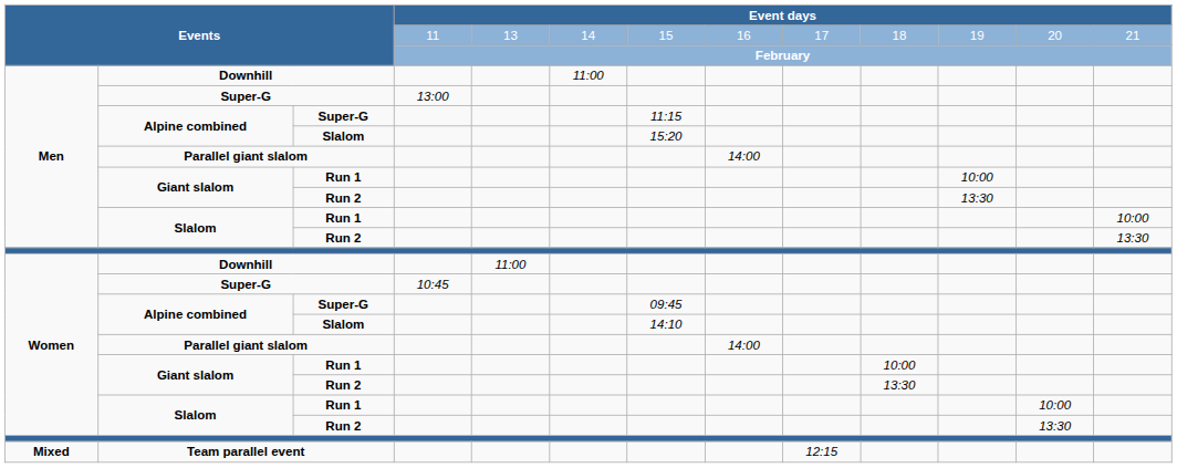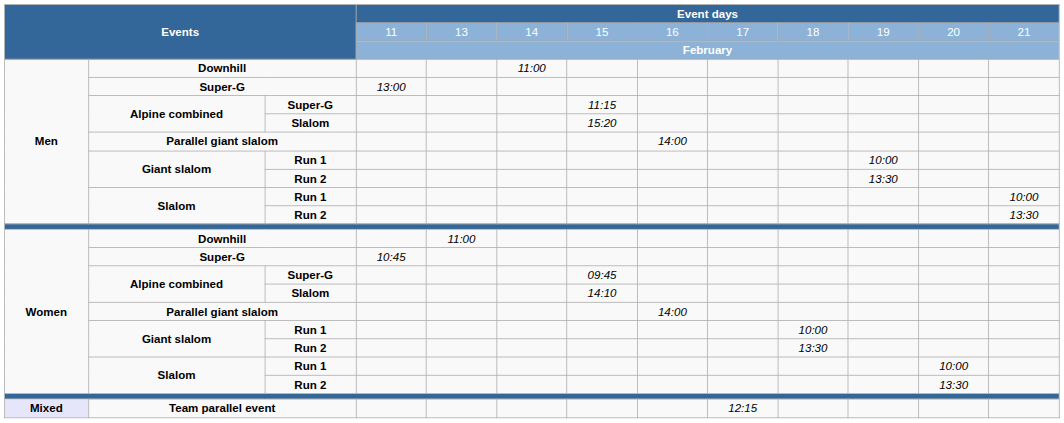 <table class="wikitable" style="font-size:95%; text-align:center; border: gray solid 1px;" width="70%">
 <tr style="background-color:#369; color:white;">
 <td colspan="3" rowspan="3" width="25%"><strong>Events</strong></td>
 <td colspan="10"><strong>Event days</strong></td>
 </tr>
 <tr style="background-color:#8CB2D8; color:white;">
 <td width="5%">11</td>
 <td width="5%">13</td>
 <td width="5%">14</td>
 <td width="5%">15</td>
 <td width="5%">16</td>
 <td width="5%">17</td>
 <td width="5%">18</td>
 <td width="5%">19</td>
 <td width="5%">20</td>
 <td width="5%">21</td>
 </tr>
 <tr style="background-color:#8CB2D8; color:white;">
 <td colspan="10"><strong>February</strong></td>
 </tr>
 <tr>
 <td rowspan="9"><strong>Men</strong></td>
 <td colspan="2"><strong>Downhill</strong></td>
 <td></td>
 <td></td>
 <td><em>11:00</em></td>
 <td></td>
 <td></td>
 <td></td>
 <td></td>
 <td></td>
 <td></td>
 <td></td>
 </tr>
 <tr>
 <td colspan="2"><strong>Super-G</strong></td>
 <td><em>13:00</em></td>
 <td></td>
 <td></td>
 <td></td>
 <td></td>
 <td></td>
 <td></td>
 <td></td>
 <td></td>
 <td></td>
 </tr>
 <tr>
 <td rowspan="2"><strong>Alpine combined</strong></td>
 <td><strong>Super-G</strong></td>
 <td></td>
 <td></td>
 <td></td>
 <td><em>11:15</em></td>
 <td></td>
 <td></td>
 <td></td>
 <td></td>
 <td></td>
 <td></td>
 </tr>
 <tr>
 <td><strong>Slalom</strong></td>
 <td></td>
 <td></td>
 <td></td>
 <td><em>15:20</em></td>
 <td></td>
 <td></td>
 <td></td>
 <td></td>
 <td></td>
 <td></td>
 </tr>
 <tr>
 <td colspan="2"><strong>Parallel giant slalom</strong></td>
 <td></td>
 <td></td>
 <td></td>
 <td></td>
 <td><em>14:00</em></td>
 <td></td>
 <td></td>
 <td></td>
 <td></td>
 <td></td>
 </tr>
 <tr>
 <td rowspan="2"><strong>Giant slalom</strong></td>
 <td><strong>Run 1</strong></td>
 <td></td>
 <td></td>
 <td></td>
 <td></td>
 <td></td>
 <td></td>
 <td></td>
 <td><em>10:00</em></td>
 <td></td>
 <td></td>
 </tr>
 <tr>
 <td><strong>Run 2</strong></td>
 <td></td>
 <td></td>
 <td></td>
 <td></td>
 <td></td>
 <td></td>
 <td></td>
 <td><em>13:30</em></td>
 <td></td>
 <td></td>
 </tr>
 <tr>
 <td rowspan="2"><strong>Slalom</strong></td>
 <td><strong>Run 1</strong></td>
 <td></td>
 <td></td>
 <td></td>
 <td></td>
 <td></td>
 <td></td>
 <td></td>
 <td></td>
 <td></td>
 <td><em>10:00</em></td>
 </tr>
 <tr>
 <td><strong>Run 2</strong></td>
 <td></td>
 <td></td>
 <td></td>
 <td></td>
 <td></td>
 <td></td>
 <td></td>
 <td></td>
 <td></td>
 <td><em>13:30</em></td>
 </tr>
 <tr style="background-color:#369; color:white;">
 <td colspan="13"></td>
 </tr>
 <tr>
 <td rowspan="9"><strong>Women</strong></td>
 <td colspan="2"><strong>Downhill</strong></td>
 <td></td>
 <td><em>11:00</em></td>
 <td></td>
 <td></td>
 <td></td>
 <td></td>
 <td></td>
 <td></td>
 <td></td>
 <td></td>
 </tr>
 <tr>
 <td colspan="2"><strong>Super-G</strong></td>
 <td><em>10:45</em></td>
 <td></td>
 <td></td>
 <td></td>
 <td></td>
 <td></td>
 <td></td>
 <td></td>
 <td></td>
 <td></td>
 </tr>
 <tr>
 <td rowspan="2"><strong>Alpine combined</strong></td>
 <td><strong>Super-G</strong></td>
 <td></td>
 <td></td>
 <td></td>
 <td><em>09:45</em></td>
 <td></td>
 <td></td>
 <td></td>
 <td></td>
 <td></td>
 <td></td>
 </tr>
 <tr>
 <td><strong>Slalom</strong></td>
 <td></td>
 <td></td>
 <td></td>
 <td><em>14:10</em></td>
 <td></td>
 <td></td>
 <td></td>
 <td></td>
 <td></td>
 <td></td>
 </tr>
 <tr>
 <td colspan="2"><strong>Parallel giant slalom</strong></td>
 <td></td>
 <td></td>
 <td></td>
 <td></td>
 <td><em>14:00</em></td>
 <td></td>
 <td></td>
 <td></td>
 <td></td>
 <td></td>
 </tr>
 <tr>
 <td rowspan="2"><strong>Giant slalom</strong></td>
 <td><strong>Run 1</strong></td>
 <td></td>
 <td></td>
 <td></td>
 <td></td>
 <td></td>
 <td></td>
 <td><em>10:00</em></td>
 <td></td>
 <td></td>
 <td></td>
 </tr>
 <tr>
 <td><strong>Run 2</strong></td>
 <td></td>
 <td></td>
 <td></td>
 <td></td>
 <td></td>
 <td></td>
 <td><em>13:30</em></td>
 <td></td>
 <td></td>
 <td></td>
 </tr>
 <tr>
 <td rowspan="2"><strong>Slalom</strong></td>
 <td><strong>Run 1</strong></td>
 <td></td>
 <td></td>
 <td></td>
 <td></td>
 <td></td>
 <td></td>
 <td></td>
 <td></td>
 <td><em>10:00</em></td>
 <td></td>
 </tr>
 <tr>
 <td><strong>Run 2</strong></td>
 <td></td>
 <td></td>
 <td></td>
 <td></td>
 <td></td>
 <td></td>
 <td></td>
 <td></td>
 <td><em>13:30</em></td>
 <td></td>
 </tr>
 <tr style="background-color:#369; color:white;">
 <td colspan="13"></td>
 </tr>
 <tr>
-<td><strong>Mixed</strong></td>
+<td style="background: lavender;"><strong>Mixed</strong></td>
 <td colspan="2"><strong>Team parallel event</strong></td>
 <td></td>
 <td></td>
 <td></td>
 <td></td>
 <td></td>
 <td><em>12:15</em></td>
 <td></td>
 <td></td>
 <td></td>
 <td></td>
 </tr>
 </table>
